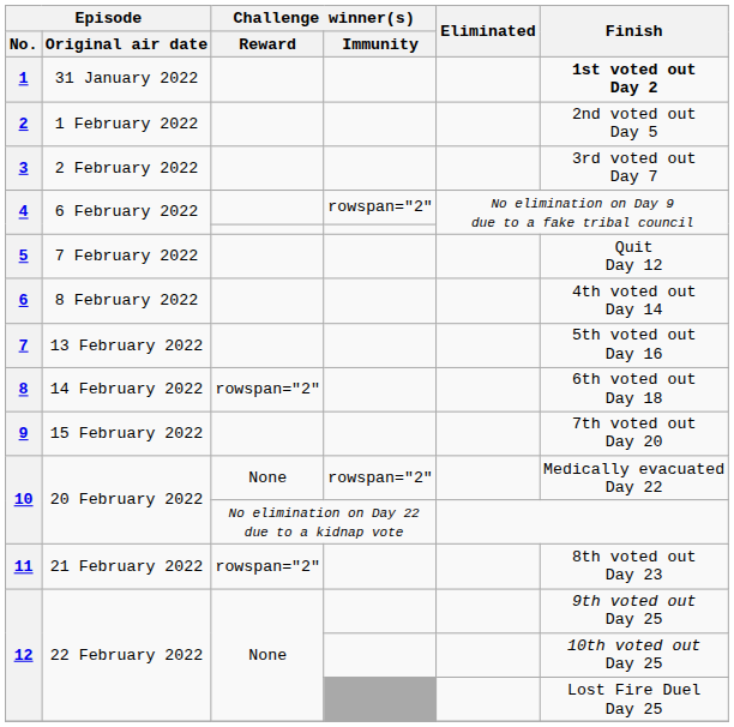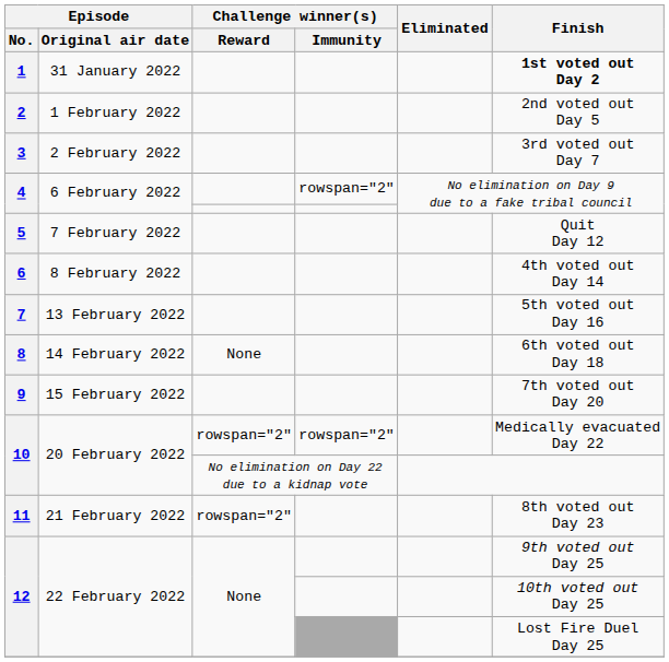 <table class="wikitable nowrap" style="text-align:center; font-size:100%">
 <tr>
 <th colspan="2">Episode</th>
 <th colspan="2">Challenge winner(s)</th>
 <th rowspan="2">Eliminated</th>
 <th rowspan="2">Finish</th>
 </tr>
 <tr>
 <th>No.</th>
 <th>Original air date</th>
 <th>Reward</th>
 <th>Immunity</th>
 </tr>
 <tr>
 <th><a href='#'>1</a></th>
 <td>31 January 2022</td>
 <td></td>
 <td></td>
 <td></td>
 <td><strong>1st voted out<br>Day 2</strong></td>
 </tr>
 <tr>
 <th><a href='#'>2</a></th>
 <td>1 February 2022</td>
 <td></td>
 <td></td>
 <td></td>
 <td>2nd voted out<br>Day 5</td>
 </tr>
 <tr>
 <th><a href='#'>3</a></th>
 <td>2 February 2022</td>
 <td></td>
 <td></td>
 <td></td>
 <td>3rd voted out<br>Day 7</td>
 </tr>
 <tr>
 <th rowspan="2"><a href='#'>4</a></th>
 <td rowspan="2">6 February 2022</td>
 <td></td>
 <td>rowspan="2" </td>
 <td rowspan="2" colspan="2"><em><small>No elimination on Day 9<br>due to a fake tribal council</small></em></td>
 </tr>
 <tr>
 <td></td>
 </tr>
 <tr>
 <th><a href='#'>5</a></th>
 <td>7 February 2022</td>
 <td></td>
 <td></td>
 <td></td>
 <td>Quit<br> Day 12</td>
 </tr>
 <tr>
 <th><a href='#'>6</a></th>
 <td>8 February 2022</td>
 <td></td>
 <td></td>
 <td></td>
 <td>4th voted out <br>Day 14</td>
 </tr>
 <tr>
 <th><a href='#'>7</a></th>
 <td>13 February 2022</td>
 <td></td>
 <td></td>
 <td></td>
 <td>5th voted out <br>Day 16</td>
 </tr>
 <tr>
 <th><a href='#'>8</a></th>
 <td>14 February 2022</td>
-<td>rowspan="2" </td>
+<td>None</td>
 <td></td>
 <td></td>
 <td>6th voted out <br>Day 18</td>
 </tr>
 <tr>
 <th><a href='#'>9</a></th>
 <td>15 February 2022</td>
 <td></td>
 <td></td>
 <td></td>
 <td>7th voted out<br>Day 20</td>
 </tr>
 <tr>
 <th rowspan="2"><a href='#'>10</a></th>
 <td rowspan="2">20 February 2022</td>
-<td>None</td>
+<td>rowspan="2" </td>
 <td>rowspan="2" </td>
 <td></td>
 <td>Medically evacuated<br>Day 22</td>
 </tr>
 <tr>
 <td colspan="2"><em><small>No elimination on Day 22<br>due to a kidnap vote</small></em></td>
 </tr>
 <tr>
 <th><a href='#'>11</a></th>
 <td>21 February 2022</td>
 <td>rowspan="2" </td>
 <td></td>
 <td></td>
 <td>8th voted out<br>Day 23</td>
 </tr>
 <tr>
 <th rowspan="3"><a href='#'>12</a></th>
 <td rowspan="3">22 February 2022</td>
 <td rowspan="3">None</td>
 <td></td>
 <td></td>
 <td><em>9th voted out</em><br>Day 25</td>
 </tr>
 <tr>
 <td></td>
 <td></td>
 <td><em>10th voted out</em><br>Day 25</td>
 </tr>
 <tr>
 <td bgcolor="darkgray"></td>
 <td></td>
 <td>Lost Fire Duel<br>Day 25</td>
 </tr>
 <tr>
 </tr>
 </table>
